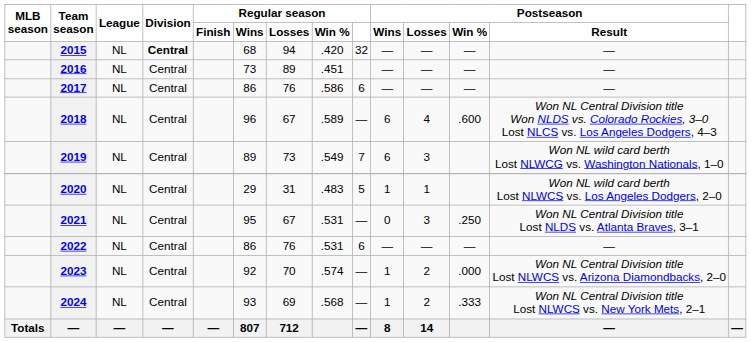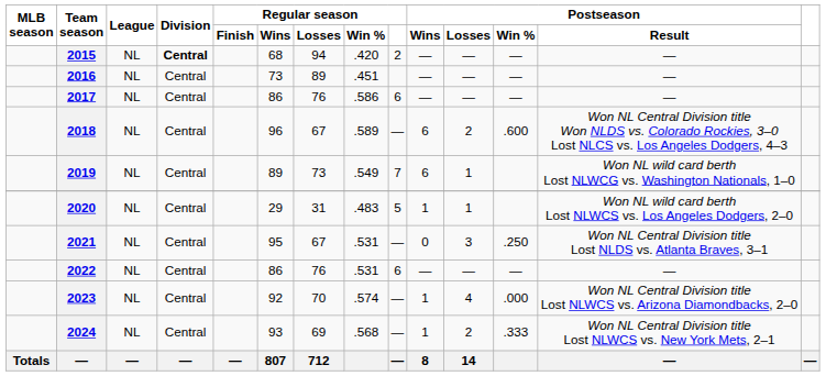 <table class="wikitable sortable plainrowheaders" style="margin: 1em auto 1em auto; text-align:center;">
 <tr>
 <th rowspan="2" scope="col" style="background-color:#ffffff; border-top:#">MLB<br>season</th>
 <th rowspan="2" scope="col" style="background-color:#ffffff; border-top:#">Team<br>season</th>
 <th class="unsortable" rowspan="2" scope="col" style="background-color:#ffffff; border-top:#">League</th>
 <th class="unsortable" rowspan="2" scope="col" style="background-color:#ffffff; border-top:#">Division</th>
 <th colspan="5" scope="col" style="background-color:#ffffff; border-top:#">Regular season</th>
 <th colspan="4" scope="col" style="background-color:#ffffff; border-top:#">Postseason</th>
 <th class="unsortable" rowspan="2" scope="col" style="background-color:#ffffff; border-top:#"></th>
 </tr>
 <tr>
 <th scope="col" style="background-color:#ffffff; border-bottom:#">Finish</th>
 <th scope="col" style="background-color:#ffffff; border-bottom:#">Wins</th>
 <th scope="col" style="background-color:#ffffff; border-bottom:#">Losses</th>
 <th scope="col" style="background-color:#ffffff; border-bottom:#">Win %</th>
 <th scope="col" style="background-color:#ffffff; border-bottom:#"></th>
 <th scope="col" style="background-color:#ffffff; border-bottom:#">Wins</th>
 <th scope="col" style="background-color:#ffffff; border-bottom:#">Losses</th>
 <th scope="col" style="background-color:#ffffff; border-bottom:#">Win %</th>
 <th class="unsortable" scope="col" style="background-color:#ffffff; border-bottom:#">Result</th>
 </tr>
 <tr>
 <td></td>
 <th scope="row" style="text-align:center;"><a href='#'>2015</a></th>
 <td>NL</td>
 <td><strong>Central</strong></td>
 <td></td>
 <td>68</td>
 <td>94</td>
 <td>.420</td>
-<td>32</td>
+<td>2</td>
 <td>—</td>
 <td>—</td>
 <td>—</td>
 <td>—</td>
 <td></td>
 </tr>
 <tr>
 <td></td>
 <th scope="row" style="text-align:center;"><a href='#'>2016</a></th>
 <td>NL</td>
 <td>Central</td>
 <td></td>
 <td>73</td>
 <td>89</td>
 <td>.451</td>
 <td></td>
 <td>—</td>
 <td>—</td>
 <td>—</td>
 <td>—</td>
 <td></td>
 </tr>
 <tr>
 <td></td>
 <th scope="row" style="text-align:center;"><a href='#'>2017</a></th>
 <td>NL</td>
 <td>Central</td>
 <td></td>
 <td>86</td>
 <td>76</td>
 <td>.586</td>
 <td>6</td>
 <td>—</td>
 <td>—</td>
 <td>—</td>
 <td>—</td>
 <td></td>
 </tr>
 <tr>
 <td></td>
 <th scope="row" style="text-align:center;"><a href='#'>2018</a></th>
 <td>NL</td>
 <td>Central</td>
 <td></td>
 <td>96</td>
 <td>67</td>
 <td>.589</td>
 <td>—</td>
 <td>6</td>
-<td>4</td>
+<td>2</td>
 <td>.600</td>
 <td><em>Won NL Central Division title</em><br><em>Won <a href='#'>NLDS</a> vs. <a href='#'>Colorado Rockies</a>, 3–0</em><br> Lost <a href='#'>NLCS</a> vs. <a href='#'>Los Angeles Dodgers</a>, 4–3</td>
 <td></td>
 </tr>
 <tr>
 <td></td>
 <th scope="row" style="text-align:center;"><a href='#'>2019</a></th>
 <td>NL</td>
 <td>Central</td>
 <td></td>
 <td>89</td>
 <td>73</td>
 <td>.549</td>
 <td>7</td>
 <td>6</td>
-<td>3</td>
+<td>1</td>
 <td></td>
 <td><em>Won NL wild card berth</em><br>Lost <a href='#'>NLWCG</a> vs. <a href='#'>Washington Nationals</a>, 1–0</td>
 <td></td>
 </tr>
 <tr>
 </tr>
 <tr>
 <td></td>
 <th scope="row" style="text-align:center;"><a href='#'>2020</a></th>
 <td>NL</td>
 <td>Central</td>
 <td></td>
 <td>29</td>
 <td>31</td>
 <td>.483</td>
 <td>5</td>
 <td>1</td>
 <td>1</td>
 <td></td>
 <td><em>Won NL wild card berth</em><br>Lost <a href='#'>NLWCS</a> vs. <a href='#'>Los Angeles Dodgers</a>, 2–0</td>
 <td></td>
 </tr>
 <tr>
 <td></td>
 <th scope="row" style="text-align:center;"><a href='#'>2021</a></th>
 <td>NL</td>
 <td>Central</td>
 <td></td>
 <td>95</td>
 <td>67</td>
 <td>.531</td>
 <td>—</td>
 <td>0</td>
 <td>3</td>
 <td>.250</td>
 <td><em>Won NL Central Division title</em><br>Lost <a href='#'>NLDS</a> vs. <a href='#'>Atlanta Braves</a>, 3–1</td>
 <td></td>
 </tr>
 <tr>
 <td></td>
 <th scope="row" style="text-align:center;"><a href='#'>2022</a></th>
 <td>NL</td>
 <td>Central</td>
 <td></td>
 <td>86</td>
 <td>76</td>
 <td>.531</td>
 <td>6</td>
 <td>—</td>
 <td>—</td>
 <td>—</td>
 <td>—</td>
 <td></td>
 </tr>
 <tr>
 <td></td>
 <th scope="row" style="text-align:center;"><a href='#'>2023</a></th>
 <td>NL</td>
 <td>Central</td>
 <td></td>
 <td>92</td>
 <td>70</td>
 <td>.574</td>
 <td>—</td>
 <td>1</td>
-<td>2</td>
+<td>4</td>
 <td>.000</td>
 <td><em>Won NL Central Division title</em><br>Lost <a href='#'>NLWCS</a> vs. <a href='#'>Arizona Diamondbacks</a>, 2–0</td>
 <td></td>
 </tr>
 <tr>
 <td></td>
 <th scope="row" style="text-align:center;"><a href='#'>2024</a></th>
 <td>NL</td>
 <td>Central</td>
 <td></td>
 <td>93</td>
 <td>69</td>
 <td>.568</td>
 <td>—</td>
 <td>1</td>
 <td>2</td>
 <td>.333</td>
 <td><em>Won NL Central Division title</em><br>Lost <a href='#'>NLWCS</a> vs. <a href='#'>New York Mets</a>, 2–1</td>
 <td></td>
 </tr>
 <tr class="sortbottom">
 <th scope="row" style="text-align:center"><strong>Totals</strong></th>
 <th>—</th>
 <th>—</th>
 <th>—</th>
 <th>—</th>
 <th>807</th>
 <th>712</th>
 <th></th>
 <th>—</th>
 <th>8</th>
 <th>14</th>
 <th></th>
 <th>—</th>
 <th>—</th>
 </tr>
 </table>
